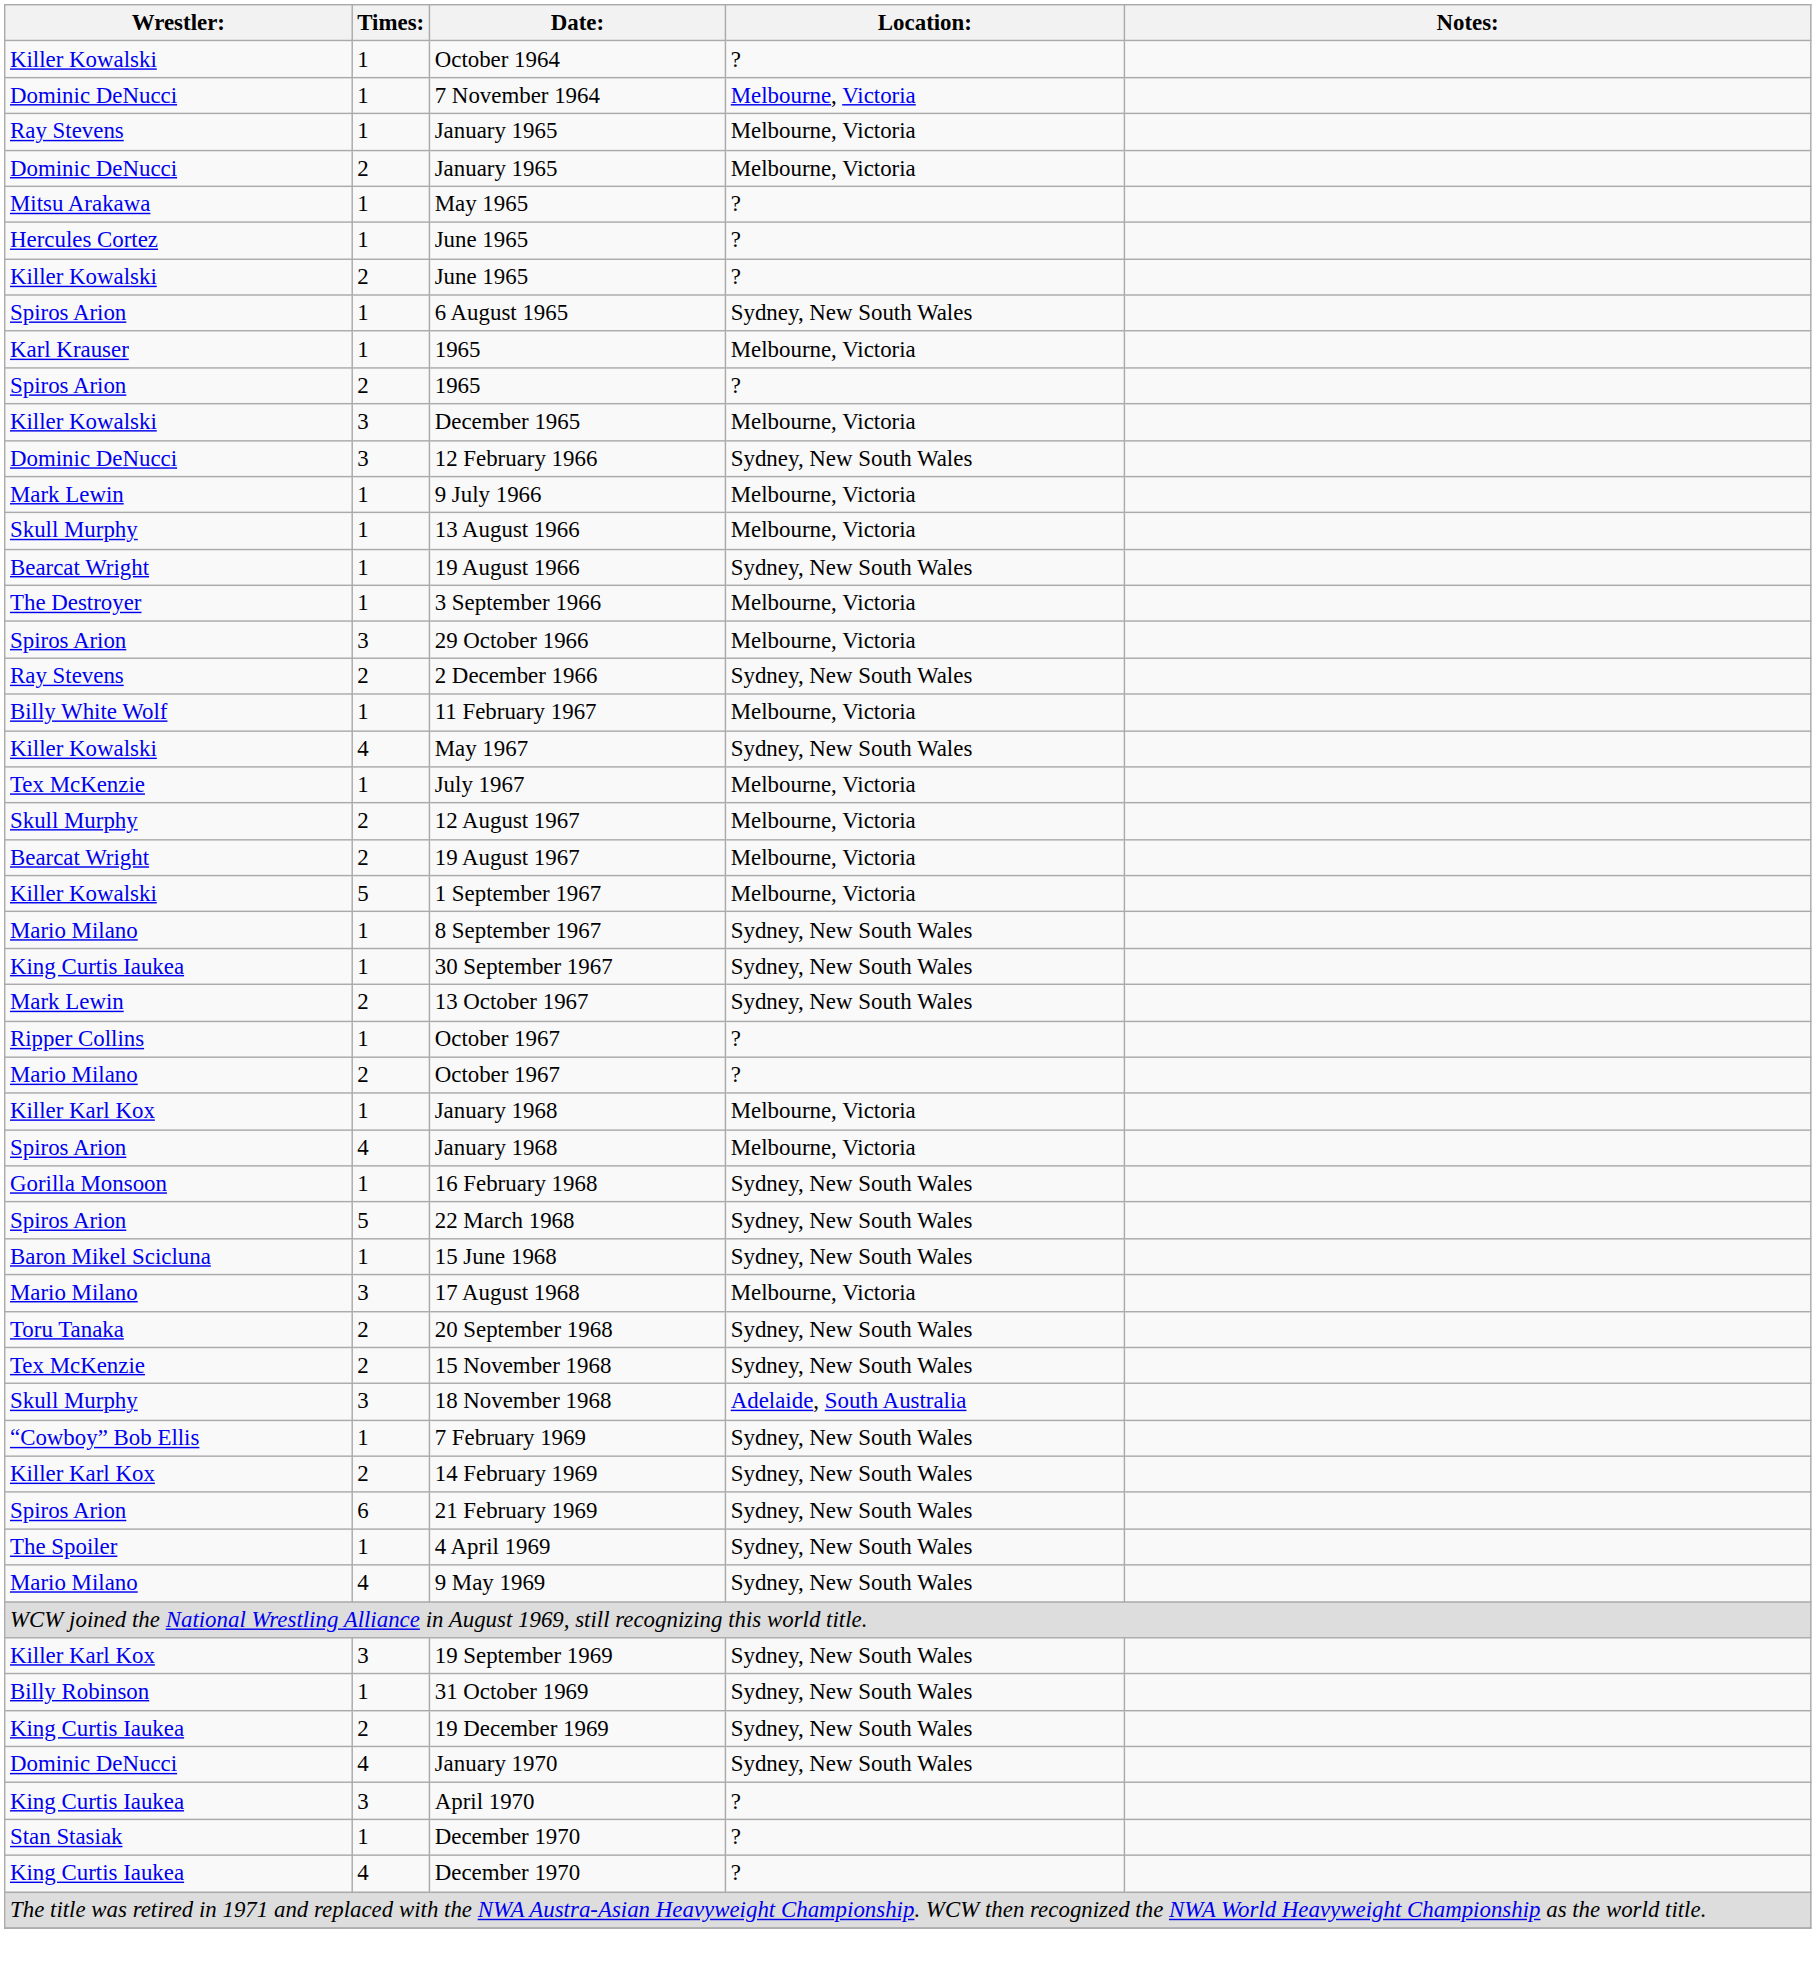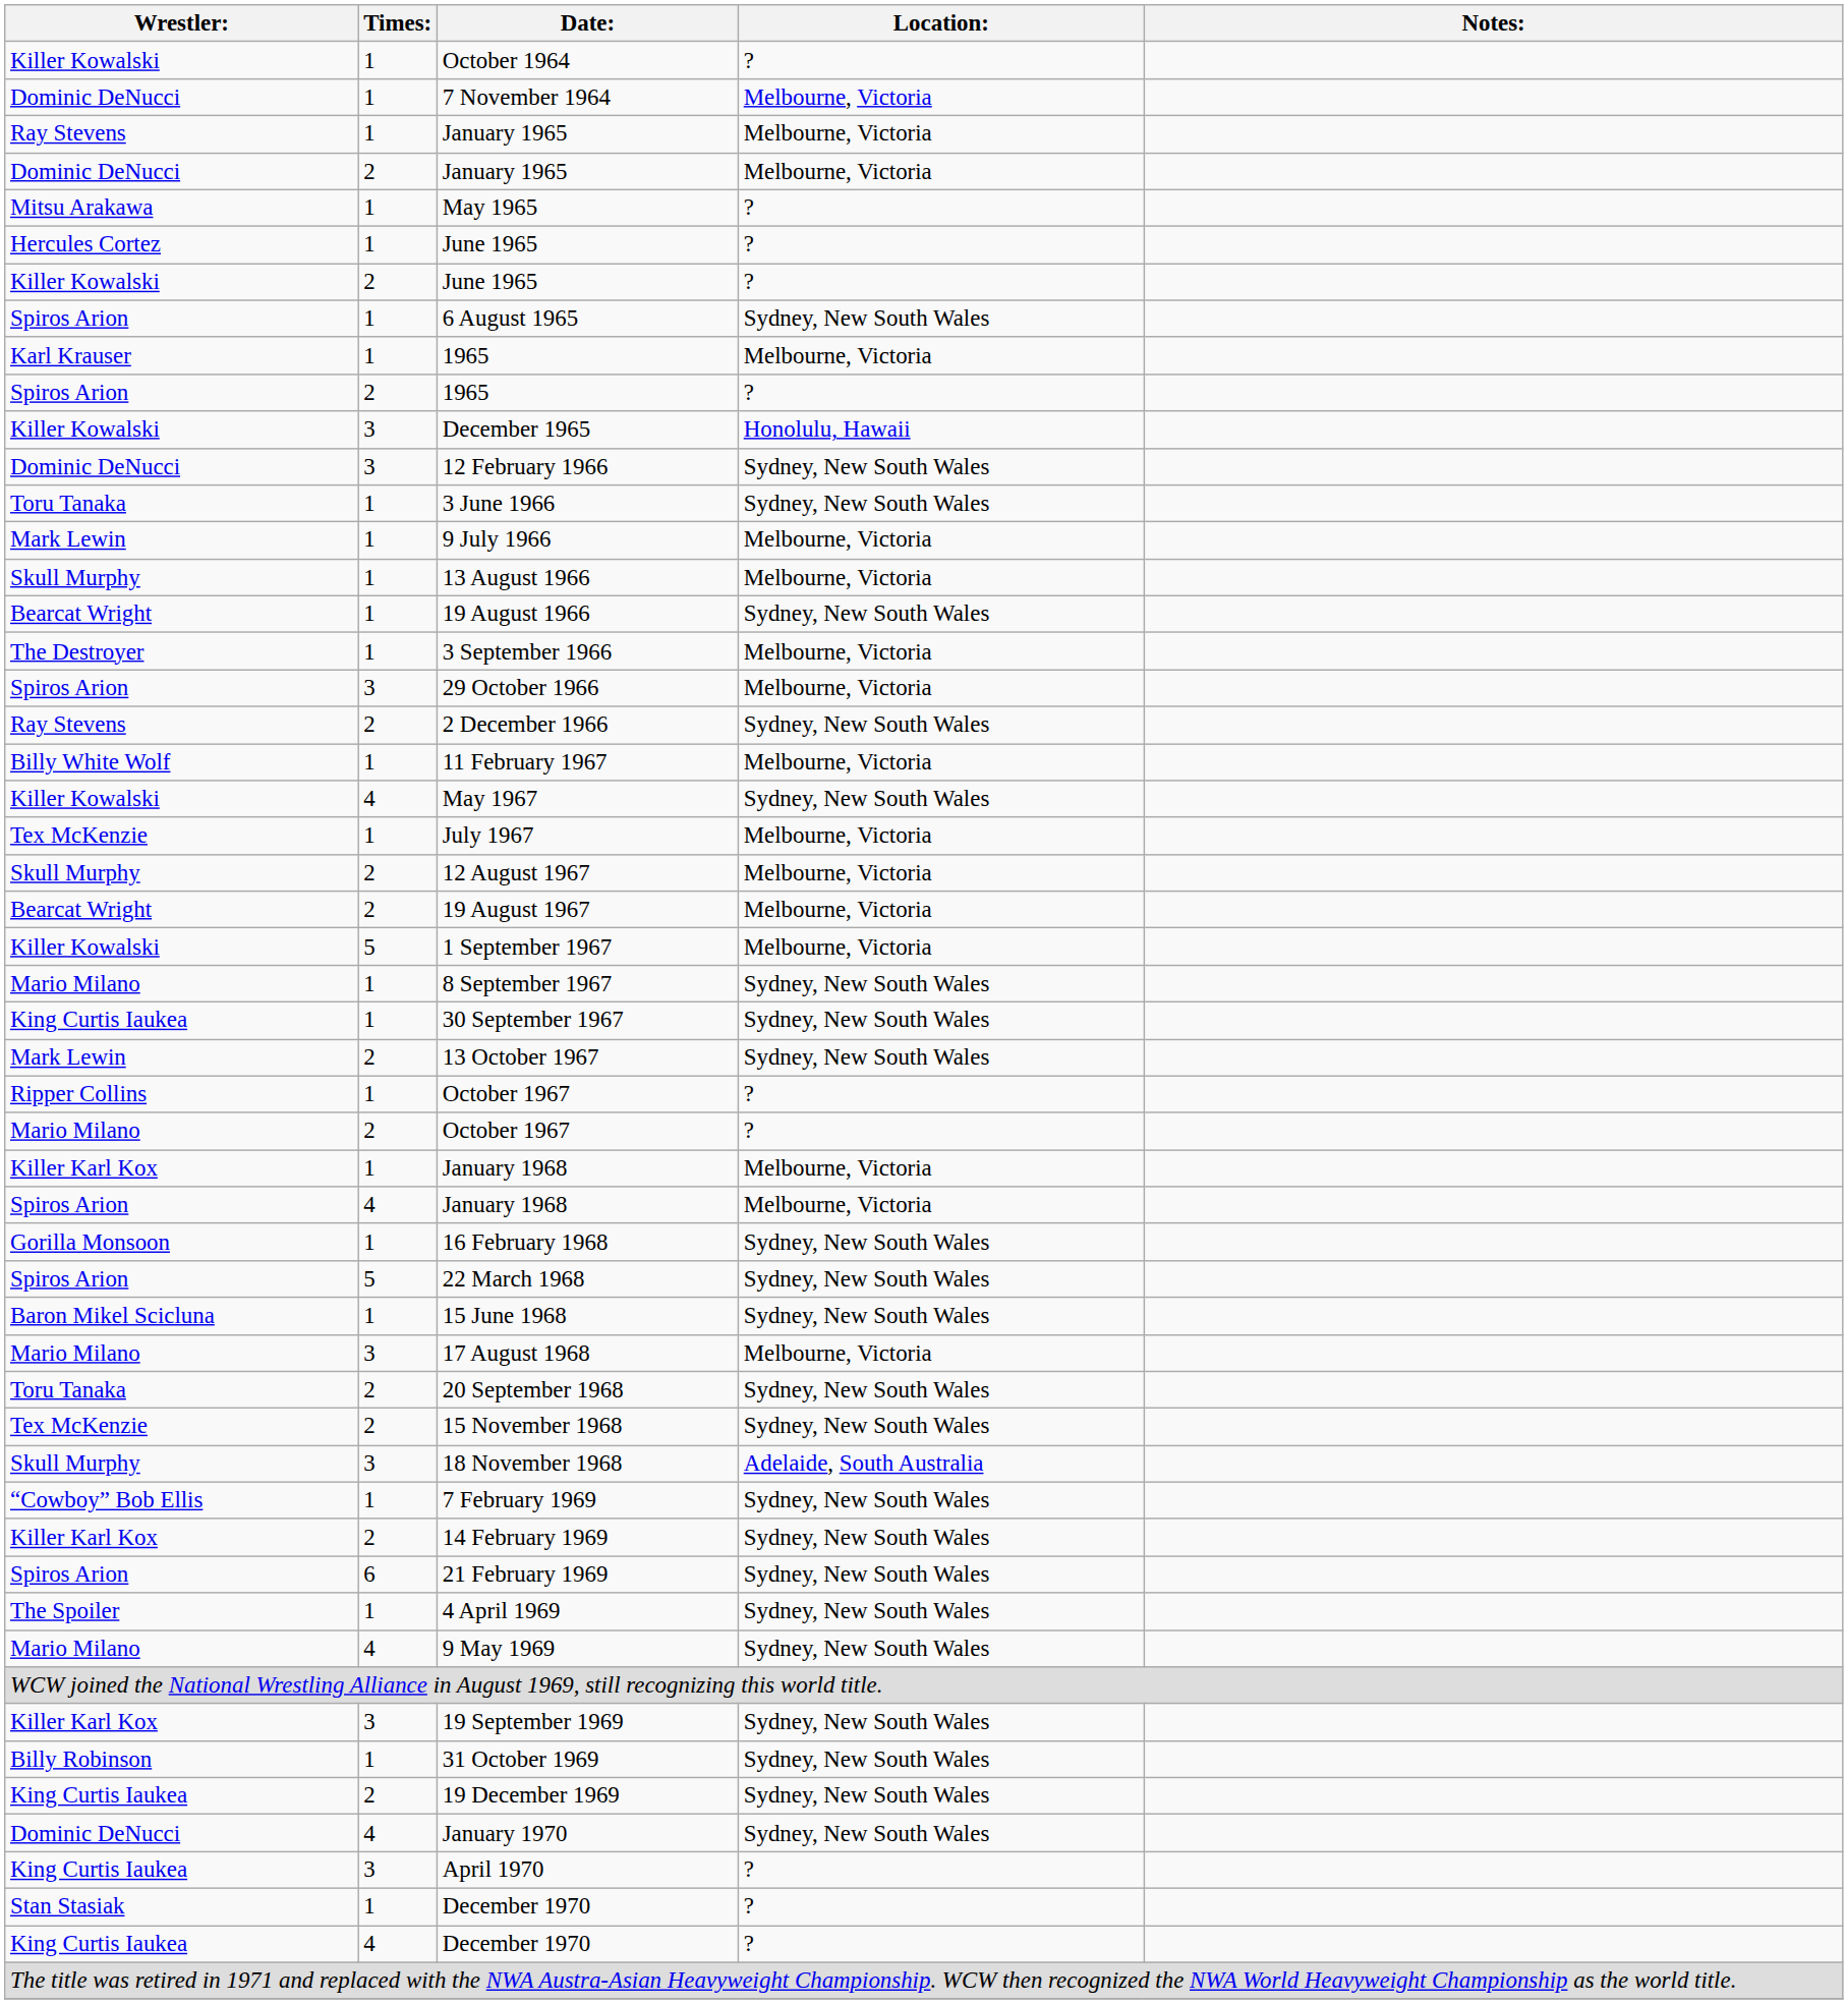 <table class="wikitable sortable" style="width:100%;">
 <tr>
 <th width=20%>Wrestler:</th>
 <th width=0%>Times:</th>
 <th width=17%>Date:</th>
 <th width=23%>Location:</th>
 <th width=40%>Notes:</th>
 </tr>
 <tr>
 <td><a href='#'>Killer Kowalski</a></td>
 <td>1</td>
 <td>October 1964</td>
 <td>?</td>
 <td></td>
 </tr>
 <tr>
 <td><a href='#'>Dominic DeNucci</a></td>
 <td>1</td>
 <td>7 November 1964</td>
 <td><a href='#'>Melbourne</a>, <a href='#'>Victoria</a></td>
 <td></td>
 </tr>
 <tr>
 <td><a href='#'>Ray Stevens</a></td>
 <td>1</td>
 <td>January 1965</td>
 <td>Melbourne, Victoria</td>
 <td></td>
 </tr>
 <tr>
 <td><a href='#'>Dominic DeNucci</a></td>
 <td>2</td>
 <td>January 1965</td>
 <td>Melbourne, Victoria</td>
 <td></td>
 </tr>
 <tr>
 <td><a href='#'>Mitsu Arakawa</a></td>
 <td>1</td>
 <td>May 1965</td>
 <td>?</td>
 <td></td>
 </tr>
 <tr>
 <td><a href='#'>Hercules Cortez</a></td>
 <td>1</td>
 <td>June 1965</td>
 <td>?</td>
 <td></td>
 </tr>
 <tr>
 <td><a href='#'>Killer Kowalski</a></td>
 <td>2</td>
 <td>June 1965</td>
 <td>?</td>
 <td></td>
 </tr>
 <tr>
 <td><a href='#'>Spiros Arion</a></td>
 <td>1</td>
 <td>6 August 1965</td>
 <td>Sydney, New South Wales</td>
 <td></td>
 </tr>
 <tr>
 <td><a href='#'>Karl Krauser</a></td>
 <td>1</td>
 <td>1965</td>
 <td>Melbourne, Victoria</td>
 <td></td>
 </tr>
 <tr>
 <td><a href='#'>Spiros Arion</a></td>
 <td>2</td>
 <td>1965</td>
 <td>?</td>
 <td></td>
 </tr>
 <tr>
 <td><a href='#'>Killer Kowalski</a></td>
 <td>3</td>
 <td>December 1965</td>
-<td>Melbourne, Victoria</td>
+<td><a href='#'>Honolulu, Hawaii</a></td>
 <td></td>
 </tr>
 <tr>
 <td><a href='#'>Dominic DeNucci</a></td>
 <td>3</td>
 <td>12 February 1966</td>
+<td>Sydney, New South Wales</td>
+<td></td>
+</tr>
+<tr>
+<td><a href='#'>Toru Tanaka</a></td>
+<td>1</td>
+<td>3 June 1966</td>
 <td>Sydney, New South Wales</td>
 <td></td>
 </tr>
 <tr>
 <td><a href='#'>Mark Lewin</a></td>
 <td>1</td>
 <td>9 July 1966</td>
 <td>Melbourne, Victoria</td>
 <td></td>
 </tr>
 <tr>
 <td><a href='#'>Skull Murphy</a></td>
 <td>1</td>
 <td>13 August 1966</td>
 <td>Melbourne, Victoria</td>
 <td></td>
 </tr>
 <tr>
 <td><a href='#'>Bearcat Wright</a></td>
 <td>1</td>
 <td>19 August 1966</td>
 <td>Sydney, New South Wales</td>
 <td></td>
 </tr>
 <tr>
 <td><a href='#'>The Destroyer</a></td>
 <td>1</td>
 <td>3 September 1966</td>
 <td>Melbourne, Victoria</td>
 <td></td>
 </tr>
 <tr>
 <td><a href='#'>Spiros Arion</a></td>
 <td>3</td>
 <td>29 October 1966</td>
 <td>Melbourne, Victoria</td>
 <td></td>
 </tr>
 <tr>
 <td><a href='#'>Ray Stevens</a></td>
 <td>2</td>
 <td>2 December 1966</td>
 <td>Sydney, New South Wales</td>
 <td></td>
 </tr>
 <tr>
 <td><a href='#'>Billy White Wolf</a></td>
 <td>1</td>
 <td>11 February 1967</td>
 <td>Melbourne, Victoria</td>
 <td></td>
 </tr>
 <tr>
 <td><a href='#'>Killer Kowalski</a></td>
 <td>4</td>
 <td>May 1967</td>
 <td>Sydney, New South Wales</td>
 <td></td>
 </tr>
 <tr>
 <td><a href='#'>Tex McKenzie</a></td>
 <td>1</td>
 <td>July 1967</td>
 <td>Melbourne, Victoria</td>
 <td></td>
 </tr>
 <tr>
 <td><a href='#'>Skull Murphy</a></td>
 <td>2</td>
 <td>12 August 1967</td>
 <td>Melbourne, Victoria</td>
 <td></td>
 </tr>
 <tr>
 <td><a href='#'>Bearcat Wright</a></td>
 <td>2</td>
 <td>19 August 1967</td>
 <td>Melbourne, Victoria</td>
 <td></td>
 </tr>
 <tr>
 <td><a href='#'>Killer Kowalski</a></td>
 <td>5</td>
 <td>1 September 1967</td>
 <td>Melbourne, Victoria</td>
 <td></td>
 </tr>
 <tr>
 <td><a href='#'>Mario Milano</a></td>
 <td>1</td>
 <td>8 September 1967</td>
 <td>Sydney, New South Wales</td>
 <td></td>
 </tr>
 <tr>
 <td><a href='#'>King Curtis Iaukea</a></td>
 <td>1</td>
 <td>30 September 1967</td>
 <td>Sydney, New South Wales</td>
 <td></td>
 </tr>
 <tr>
 <td><a href='#'>Mark Lewin</a></td>
 <td>2</td>
 <td>13 October 1967</td>
 <td>Sydney, New South Wales</td>
 <td></td>
 </tr>
 <tr>
 <td><a href='#'>Ripper Collins</a></td>
 <td>1</td>
 <td>October 1967</td>
 <td>?</td>
 <td></td>
 </tr>
 <tr>
 <td><a href='#'>Mario Milano</a></td>
 <td>2</td>
 <td>October 1967</td>
 <td>?</td>
 <td></td>
 </tr>
 <tr>
 <td><a href='#'>Killer Karl Kox</a></td>
 <td>1</td>
 <td>January 1968</td>
 <td>Melbourne, Victoria</td>
 <td></td>
 </tr>
 <tr>
 <td><a href='#'>Spiros Arion</a></td>
 <td>4</td>
 <td>January 1968</td>
 <td>Melbourne, Victoria</td>
 <td></td>
 </tr>
 <tr>
 <td><a href='#'>Gorilla Monsoon</a></td>
 <td>1</td>
 <td>16 February 1968</td>
 <td>Sydney, New South Wales</td>
 <td></td>
 </tr>
 <tr>
 <td><a href='#'>Spiros Arion</a></td>
 <td>5</td>
 <td>22 March 1968</td>
 <td>Sydney, New South Wales</td>
 <td></td>
 </tr>
 <tr>
 <td><a href='#'>Baron Mikel Scicluna</a></td>
 <td>1</td>
 <td>15 June 1968</td>
 <td>Sydney, New South Wales</td>
 <td></td>
 </tr>
 <tr>
 <td><a href='#'>Mario Milano</a></td>
 <td>3</td>
 <td>17 August 1968</td>
 <td>Melbourne, Victoria</td>
 <td></td>
 </tr>
 <tr>
 <td><a href='#'>Toru Tanaka</a></td>
 <td>2</td>
 <td>20 September 1968</td>
 <td>Sydney, New South Wales</td>
 <td></td>
 </tr>
 <tr>
 <td><a href='#'>Tex McKenzie</a></td>
 <td>2</td>
 <td>15 November 1968</td>
 <td>Sydney, New South Wales</td>
 <td></td>
 </tr>
 <tr>
 <td><a href='#'>Skull Murphy</a></td>
 <td>3</td>
 <td>18 November 1968</td>
 <td><a href='#'>Adelaide</a>, <a href='#'>South Australia</a></td>
 <td></td>
 </tr>
 <tr>
 <td><a href='#'>“Cowboy” Bob Ellis</a></td>
 <td>1</td>
 <td>7 February 1969</td>
 <td>Sydney, New South Wales</td>
 <td></td>
 </tr>
 <tr>
 <td><a href='#'>Killer Karl Kox</a></td>
 <td>2</td>
 <td>14 February 1969</td>
 <td>Sydney, New South Wales</td>
 <td></td>
 </tr>
 <tr>
 <td><a href='#'>Spiros Arion</a></td>
 <td>6</td>
 <td>21 February 1969</td>
 <td>Sydney, New South Wales</td>
 <td></td>
 </tr>
 <tr>
 <td><a href='#'>The Spoiler</a></td>
 <td>1</td>
 <td>4 April 1969</td>
 <td>Sydney, New South Wales</td>
 <td></td>
 </tr>
 <tr>
 <td><a href='#'>Mario Milano</a></td>
 <td>4</td>
 <td>9 May 1969</td>
 <td>Sydney, New South Wales</td>
 <td></td>
 </tr>
 <tr>
 <td style="background: #dddddd;" colspan=5><em>WCW joined the <a href='#'>National Wrestling Alliance</a> in August 1969, still recognizing this world title.</em></td>
 </tr>
 <tr>
 <td><a href='#'>Killer Karl Kox</a></td>
 <td>3</td>
 <td>19 September 1969</td>
 <td>Sydney, New South Wales</td>
 <td></td>
 </tr>
 <tr>
 <td><a href='#'>Billy Robinson</a></td>
 <td>1</td>
 <td>31 October 1969</td>
 <td>Sydney, New South Wales</td>
 <td></td>
 </tr>
 <tr>
 <td><a href='#'>King Curtis Iaukea</a></td>
 <td>2</td>
 <td>19 December 1969</td>
 <td>Sydney, New South Wales</td>
 <td></td>
 </tr>
 <tr>
 <td><a href='#'>Dominic DeNucci</a></td>
 <td>4</td>
 <td>January 1970</td>
 <td>Sydney, New South Wales</td>
 <td></td>
 </tr>
 <tr>
 <td><a href='#'>King Curtis Iaukea</a></td>
 <td>3</td>
 <td>April 1970</td>
 <td>?</td>
 <td></td>
 </tr>
 <tr>
 <td><a href='#'>Stan Stasiak</a></td>
 <td>1</td>
 <td>December 1970</td>
 <td>?</td>
 <td></td>
 </tr>
 <tr>
 <td><a href='#'>King Curtis Iaukea</a></td>
 <td>4</td>
 <td>December 1970</td>
 <td>?</td>
 <td></td>
 </tr>
 <tr>
 <td style="background: #dddddd;" colspan=5><em>The title was retired in 1971 and replaced with the <a href='#'>NWA Austra-Asian Heavyweight Championship</a>. WCW then recognized the <a href='#'>NWA World Heavyweight Championship</a> as the world title.</em></td>
 </tr>
 <tr>
 </tr>
 </table>
